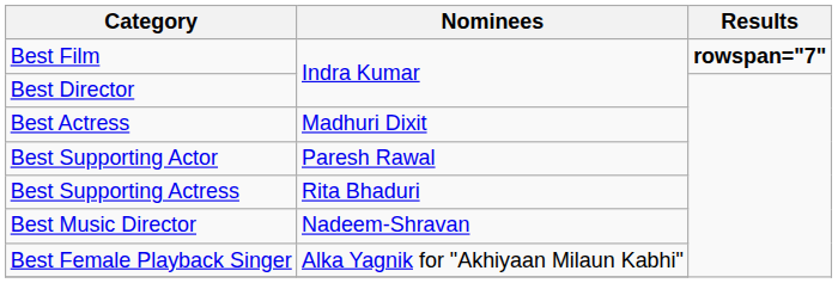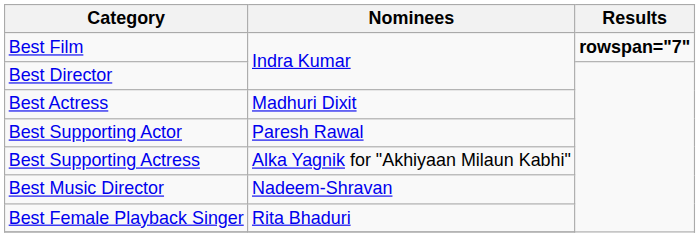 <table class="wikitable">
 <tr>
 <th>Category</th>
 <th>Nominees</th>
 <th>Results</th>
 </tr>
 <tr>
 <td><a href='#'>Best Film</a></td>
 <td rowspan="2"><a href='#'>Indra Kumar</a></td>
 <td><strong>rowspan="7"</strong></td>
 </tr>
 <tr>
 <td><a href='#'>Best Director</a></td>
 </tr>
 <tr>
 <td><a href='#'>Best Actress</a></td>
 <td><a href='#'>Madhuri Dixit</a></td>
 </tr>
 <tr>
 <td><a href='#'>Best Supporting Actor</a></td>
 <td><a href='#'>Paresh Rawal</a></td>
 </tr>
 <tr>
 <td><a href='#'>Best Supporting Actress</a></td>
-<td><a href='#'>Rita Bhaduri</a></td>
+<td><a href='#'>Alka Yagnik</a> for "Akhiyaan Milaun Kabhi"</td>
 </tr>
 <tr>
 <td><a href='#'>Best Music Director</a></td>
 <td><a href='#'>Nadeem-Shravan</a></td>
 </tr>
 <tr>
 <td><a href='#'>Best Female Playback Singer</a></td>
-<td><a href='#'>Alka Yagnik</a> for "Akhiyaan Milaun Kabhi"</td>
+<td><a href='#'>Rita Bhaduri</a></td>
 </tr>
 <tr>
 </tr>
 </table>
